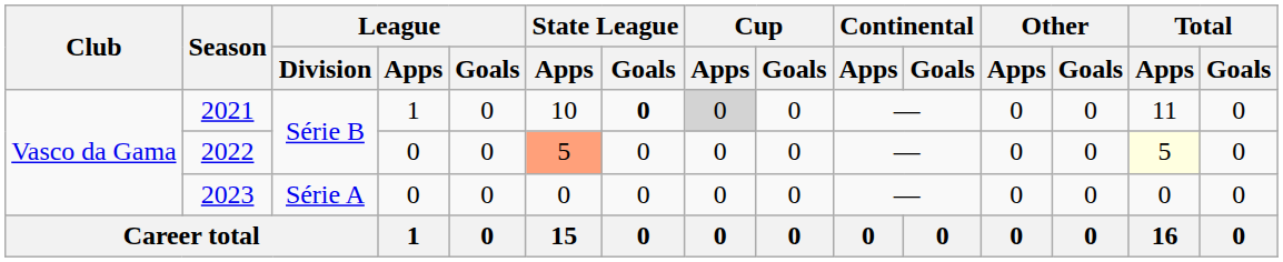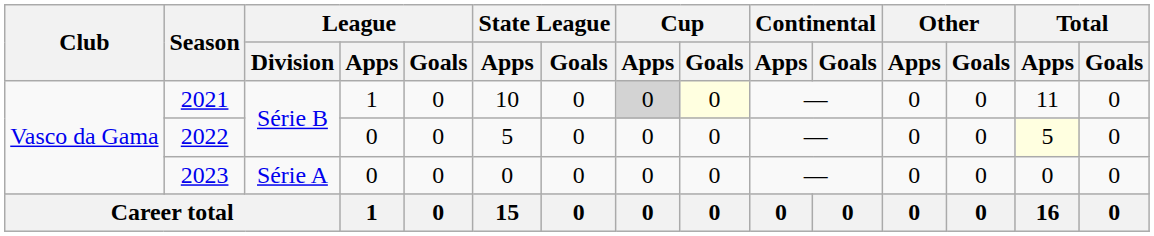 <table class="wikitable" style="text-align:center">
 <tr>
 <th rowspan="2">Club</th>
 <th rowspan="2">Season</th>
 <th colspan="3">League</th>
 <th colspan="2">State League</th>
 <th colspan="2">Cup</th>
 <th colspan="2">Continental</th>
 <th colspan="2">Other</th>
 <th colspan="2">Total</th>
 </tr>
 <tr>
 <th>Division</th>
 <th>Apps</th>
 <th>Goals</th>
 <th>Apps</th>
 <th>Goals</th>
 <th>Apps</th>
 <th>Goals</th>
 <th>Apps</th>
 <th>Goals</th>
 <th>Apps</th>
 <th>Goals</th>
 <th>Apps</th>
 <th>Goals</th>
 </tr>
 <tr>
 <td rowspan=3><a href='#'>Vasco da Gama</a></td>
 <td><a href='#'>2021</a></td>
 <td rowspan=2><a href='#'>Série B</a></td>
 <td>1</td>
 <td>0</td>
 <td>10</td>
-<td><strong>0</strong></td>
+<td>0</td>
 <td style="background: lightgrey;">0</td>
-<td>0</td>
+<td style="background: lightyellow;">0</td>
 <td colspan=2>—</td>
 <td>0</td>
 <td>0</td>
 <td>11</td>
 <td>0</td>
 </tr>
 <tr>
 <td><a href='#'>2022</a></td>
 <td>0</td>
 <td>0</td>
-<td style="background: lightsalmon;">5</td>
+<td>5</td>
 <td>0</td>
 <td>0</td>
 <td>0</td>
 <td colspan=2>—</td>
 <td>0</td>
 <td>0</td>
 <td style="background: lightyellow;">5</td>
 <td>0</td>
 </tr>
 <tr>
 <td><a href='#'>2023</a></td>
 <td><a href='#'>Série A</a></td>
 <td>0</td>
 <td>0</td>
 <td>0</td>
 <td>0</td>
 <td>0</td>
 <td>0</td>
 <td colspan=2>—</td>
 <td>0</td>
 <td>0</td>
 <td>0</td>
 <td>0</td>
 </tr>
 <tr>
 <th colspan=3><strong>Career total</strong></th>
 <th>1</th>
 <th>0</th>
 <th>15</th>
 <th>0</th>
 <th>0</th>
 <th>0</th>
 <th>0</th>
 <th>0</th>
 <th>0</th>
 <th>0</th>
 <th>16</th>
 <th>0</th>
 </tr>
 </table>
